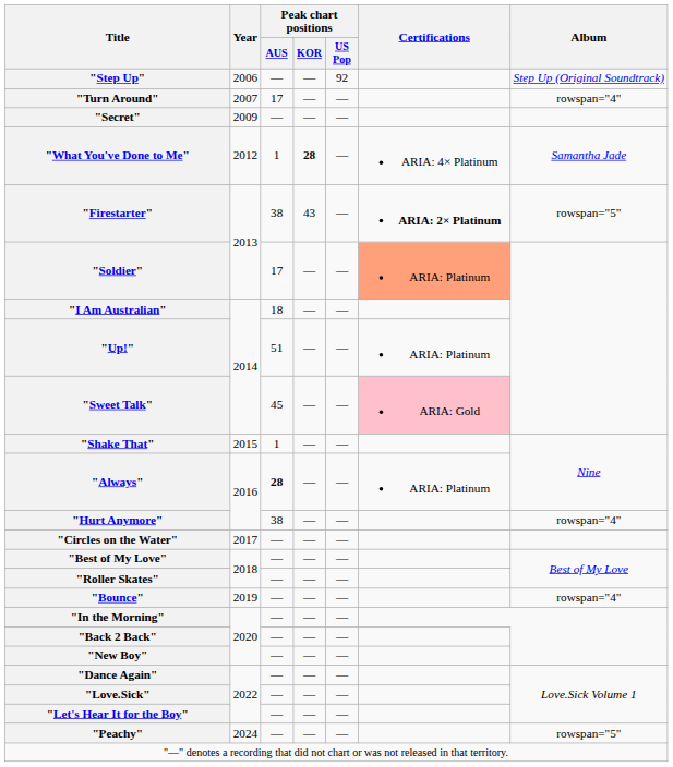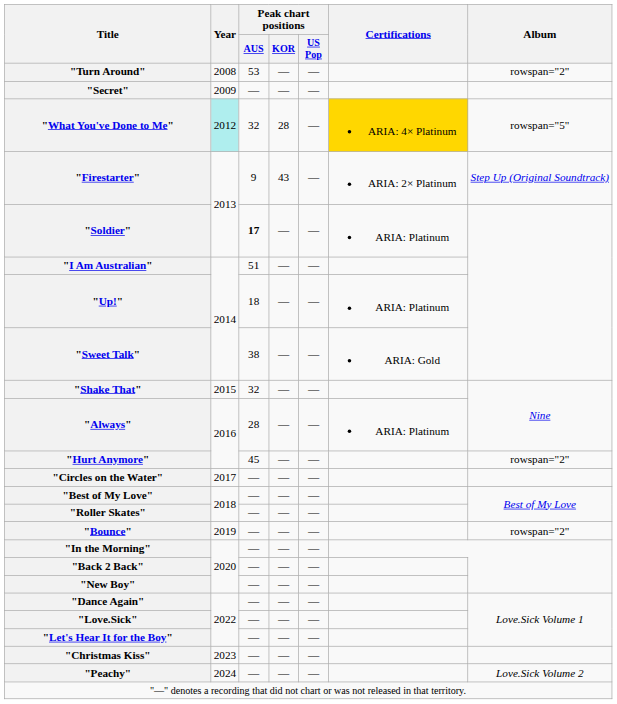 <table class="wikitable plainrowheaders" style="text-align:center;">
 <tr>
 <th scope="col" rowspan="2" style="width:18em;">Title</th>
 <th scope="col" rowspan="2">Year</th>
 <th scope="col" colspan="3">Peak chart positions</th>
 <th scope="col" rowspan="2" style="width:12em;"><a href='#'>Certifications</a></th>
 <th scope="col" rowspan="2">Album</th>
 </tr>
 <tr>
 <th scope="col" style="width:2.5em;font-size:90%;"><a href='#'>AUS</a><br></th>
 <th scope="col" style="width:2.5em;font-size:90%;"><a href='#'>KOR</a><br></th>
 <th scope="col" style="width:2.5em;font-size:90%;"><a href='#'>US<br>Pop</a><br></th>
 </tr>
 <tr>
-<th scope="row">"<a href='#'>Step Up</a>"</th>
-<td>2006</td>
-<td>—</td>
-<td>—</td>
-<td>92</td>
-<td></td>
-<td><em><a href='#'>Step Up (Original Soundtrack)</a></em></td>
-</tr>
-<tr>
 <th scope="row">"Turn Around"</th>
-<td>2007</td>
-<td>17</td>
+<td>2008</td>
+<td>53</td>
 <td>—</td>
 <td>—</td>
 <td></td>
-<td>rowspan="4" </td>
+<td>rowspan="2" </td>
 </tr>
 <tr>
 <th scope="row">"Secret"</th>
 <td>2009</td>
 <td>—</td>
 <td>—</td>
 <td>—</td>
 <td></td>
 </tr>
 <tr>
 <th scope="row">"<a href='#'>What You've Done to Me</a>"</th>
-<td>2012</td>
-<td>1</td>
-<td><strong>28</strong></td>
+<td style="background: paleturquoise;">2012</td>
+<td>32</td>
+<td>28</td>
 <td>—</td>
-<td><br><ul><li>ARIA: 4× Platinum</li></ul></td>
-<td><em><a href='#'>Samantha Jade</a></em></td>
+<td style="background: gold;"><br><ul><li>ARIA: 4× Platinum</li></ul></td>
+<td>rowspan="5" </td>
 </tr>
 <tr>
 <th scope="row">"<a href='#'>Firestarter</a>"</th>
 <td rowspan="2">2013</td>
-<td>38</td>
+<td>9</td>
 <td>43</td>
 <td>—</td>
-<td><strong><br><ul><li>ARIA: 2× Platinum</li></ul></strong></td>
-<td>rowspan="5" </td>
+<td><br><ul><li>ARIA: 2× Platinum</li></ul></td>
+<td><em><a href='#'>Step Up (Original Soundtrack)</a></em></td>
 </tr>
 <tr>
 <th scope="row">"<a href='#'>Soldier</a>"</th>
-<td>17</td>
+<td><strong>17</strong></td>
 <td>—</td>
 <td>—</td>
-<td style="background: lightsalmon;"><br><ul><li>ARIA: Platinum</li></ul></td>
+<td><br><ul><li>ARIA: Platinum</li></ul></td>
 </tr>
 <tr>
 <th scope="row">"<a href='#'>I Am Australian</a>"<br></th>
 <td rowspan="3">2014</td>
-<td>18</td>
+<td>51</td>
 <td>—</td>
 <td>—</td>
 <td></td>
 </tr>
 <tr>
 <th scope="row">"<a href='#'>Up!</a>"</th>
-<td>51</td>
+<td>18</td>
 <td>—</td>
 <td>—</td>
 <td><br><ul><li>ARIA: Platinum</li></ul></td>
 </tr>
 <tr>
 <th scope="row">"<a href='#'>Sweet Talk</a>"</th>
-<td>45</td>
+<td>38</td>
 <td>—</td>
 <td>—</td>
-<td style="background: pink;"><br><ul><li>ARIA: Gold</li></ul></td>
+<td><br><ul><li>ARIA: Gold</li></ul></td>
 </tr>
 <tr>
 <th scope="row">"<a href='#'>Shake That</a>"<br></th>
 <td>2015</td>
-<td>1</td>
+<td>32</td>
 <td>—</td>
 <td>—</td>
 <td></td>
 <td rowspan="2"><em><a href='#'>Nine</a></em></td>
 </tr>
 <tr>
 <th scope="row">"<a href='#'>Always</a>"</th>
 <td rowspan="2">2016</td>
-<td><strong>28</strong></td>
+<td>28</td>
 <td>—</td>
 <td>—</td>
 <td><br><ul><li>ARIA: Platinum</li></ul></td>
 </tr>
 <tr>
 <th scope="row">"<a href='#'>Hurt Anymore</a>"<br></th>
-<td>38</td>
+<td>45</td>
 <td>—</td>
 <td>—</td>
 <td></td>
-<td>rowspan="4" </td>
+<td>rowspan="2" </td>
 </tr>
 <tr>
 <th scope="row">"Circles on the Water"</th>
 <td>2017</td>
 <td>—</td>
 <td>—</td>
 <td>—</td>
 <td></td>
 </tr>
 <tr>
 <th scope="row">"Best of My Love"</th>
 <td rowspan="2">2018</td>
 <td>—</td>
 <td>—</td>
 <td>—</td>
 <td></td>
 <td rowspan="2"><em><a href='#'>Best of My Love</a></em></td>
 </tr>
 <tr>
 <th scope="row">"Roller Skates"</th>
 <td>—</td>
 <td>—</td>
 <td>—</td>
 <td></td>
 </tr>
 <tr>
 <th scope="row">"<a href='#'>Bounce</a>"</th>
 <td>2019</td>
 <td>—</td>
 <td>—</td>
 <td>—</td>
 <td></td>
-<td>rowspan="4" </td>
+<td>rowspan="2" </td>
 </tr>
 <tr>
 <th scope="row">"In the Morning"</th>
 <td rowspan="3">2020</td>
 <td>—</td>
 <td>—</td>
 <td>—</td>
 </tr>
 <tr>
 <th scope="row">"Back 2 Back"</th>
 <td>—</td>
 <td>—</td>
 <td>—</td>
 <td></td>
 </tr>
 <tr>
 <th scope="row">"New Boy"</th>
 <td>—</td>
 <td>—</td>
 <td>—</td>
 <td></td>
 </tr>
 <tr>
 <th scope="row">"Dance Again"</th>
 <td rowspan="3">2022</td>
 <td>—</td>
 <td>—</td>
 <td>—</td>
 <td></td>
 <td rowspan="3"><em>Love.Sick Volume 1</em></td>
 </tr>
 <tr>
 <th scope="row">"Love.Sick"</th>
 <td>—</td>
 <td>—</td>
 <td>—</td>
 <td></td>
 </tr>
 <tr>
 <th scope="row">"<a href='#'>Let's Hear It for the Boy</a>"</th>
 <td>—</td>
 <td>—</td>
 <td>—</td>
 <td></td>
 </tr>
 <tr>
+<th scope="row">"Christmas Kiss"</th>
+<td>2023</td>
+<td>—</td>
+<td>—</td>
+<td>—</td>
+<td></td>
+<td></td>
+</tr>
+<tr>
 <th scope="row">"Peachy"</th>
 <td>2024</td>
 <td>—</td>
 <td>—</td>
 <td>—</td>
 <td></td>
-<td>rowspan="5" </td>
+<td><em>Love.Sick Volume 2</em></td>
 </tr>
 <tr>
 <td colspan="7" style="text-align:center; font-size:90%;">"—" denotes a recording that did not chart or was not released in that territory.</td>
 </tr>
 </table>
